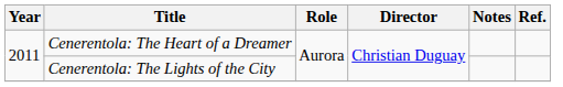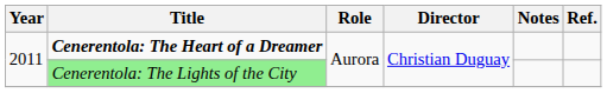 <table class="wikitable sortable">
 <tr>
 <th>Year</th>
 <th>Title</th>
 <th>Role</th>
 <th>Director</th>
 <th class="unsortable">Notes</th>
 <th class="unsortable">Ref.</th>
 </tr>
 <tr>
 <td rowspan=2>2011</td>
-<td><em>Cenerentola: The Heart of a Dreamer</em></td>
+<td><strong><em>Cenerentola: The Heart of a Dreamer</em></strong></td>
 <td rowspan=2>Aurora</td>
 <td rowspan=2><a href='#'>Christian Duguay</a></td>
 <td></td>
 <td></td>
 </tr>
 <tr>
-<td><em>Cenerentola: The Lights of the City</em></td>
+<td style="background: lightgreen;"><em>Cenerentola: The Lights of the City</em></td>
 <td></td>
 <td></td>
 </tr>
 <tr>
 </tr>
 </table>
